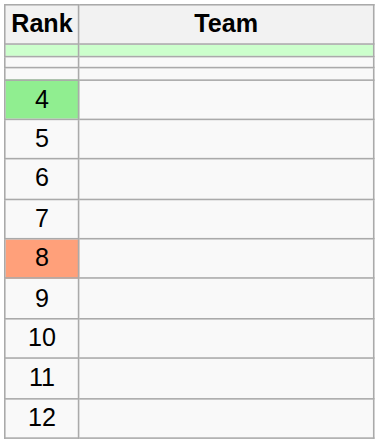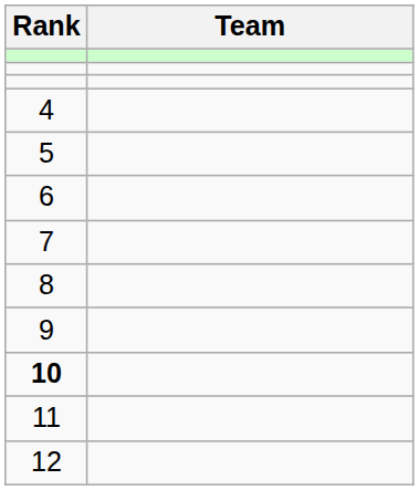 <table class="wikitable" style="text-align: center;">
 <tr>
 <th width=40>Rank</th>
 <th width=180>Team</th>
 </tr>
 <tr bgcolor=#CCFFCC>
 <td></td>
 <td style="text-align:left;"></td>
 </tr>
 <tr align=center>
 <td></td>
 <td style="text-align:left;"></td>
 </tr>
 <tr align=center>
 <td></td>
 <td style="text-align:left;"></td>
 </tr>
 <tr align=center>
-<td style="background: lightgreen;">4</td>
+<td>4</td>
 <td style="text-align:left;"></td>
 </tr>
 <tr align=center>
 <td>5</td>
 <td style="text-align:left;"></td>
 </tr>
 <tr align=center>
 <td>6</td>
 <td style="text-align:left;"></td>
 </tr>
 <tr align=center>
 <td>7</td>
 <td style="text-align:left;"></td>
 </tr>
 <tr align=center>
-<td style="background: lightsalmon;">8</td>
+<td>8</td>
 <td style="text-align:left;"></td>
 </tr>
 <tr align=center>
 <td>9</td>
 <td style="text-align:left;"></td>
 </tr>
 <tr align=center>
-<td>10</td>
+<td><strong>10</strong></td>
 <td style="text-align:left;"></td>
 </tr>
 <tr align=center>
 <td>11</td>
 <td style="text-align:left;"></td>
 </tr>
 <tr align=center>
 <td>12</td>
 <td style="text-align:left;"></td>
 </tr>
 </table>
